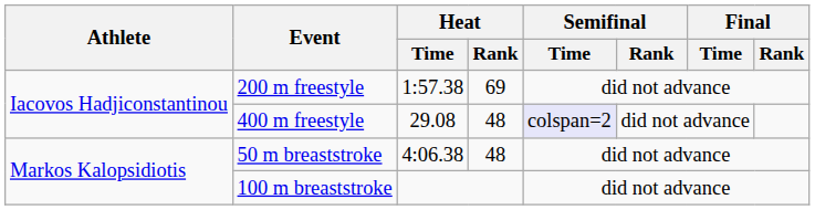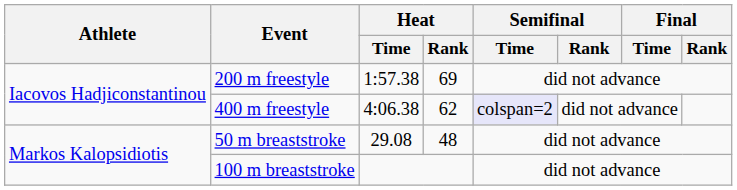 <table class=wikitable style="font-size:90%">
 <tr>
 <th rowspan="2">Athlete</th>
 <th rowspan="2">Event</th>
 <th colspan="2">Heat</th>
 <th colspan="2">Semifinal</th>
 <th colspan="2">Final</th>
 </tr>
 <tr style="font-size:95%">
 <th>Time</th>
 <th>Rank</th>
 <th>Time</th>
 <th>Rank</th>
 <th>Time</th>
 <th>Rank</th>
 </tr>
 <tr align=center>
 <td align=left rowspan=2><a href='#'>Iacovos Hadjiconstantinou</a></td>
 <td align=left><a href='#'>200 m freestyle</a></td>
 <td>1:57.38</td>
 <td>69</td>
 <td colspan=4>did not advance</td>
 </tr>
 <tr align=center>
 <td align=left><a href='#'>400 m freestyle</a></td>
-<td>29.08</td>
-<td>48</td>
+<td>4:06.38</td>
+<td>62</td>
 <td style="background: lavender;">colspan=2 </td>
 <td colspan=2>did not advance</td>
 </tr>
 <tr align=center>
 <td align=left rowspan=2><a href='#'>Markos Kalopsidiotis</a></td>
 <td align=left><a href='#'>50 m breaststroke</a></td>
-<td>4:06.38</td>
+<td>29.08</td>
 <td>48</td>
 <td colspan=4>did not advance</td>
 </tr>
 <tr align=center>
 <td align=left><a href='#'>100 m breaststroke</a></td>
 <td colspan=2></td>
 <td colspan=4>did not advance</td>
 </tr>
 </table>
